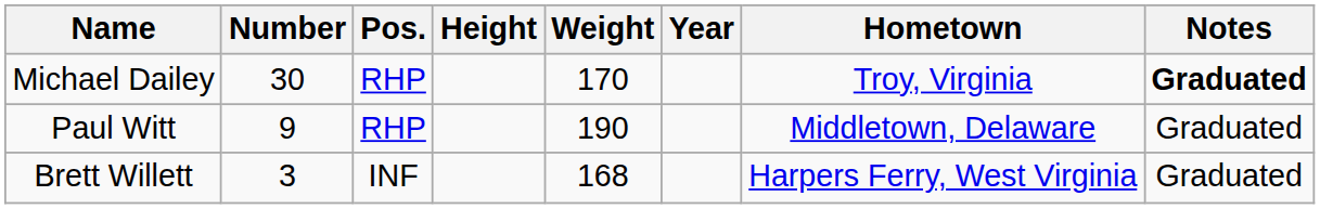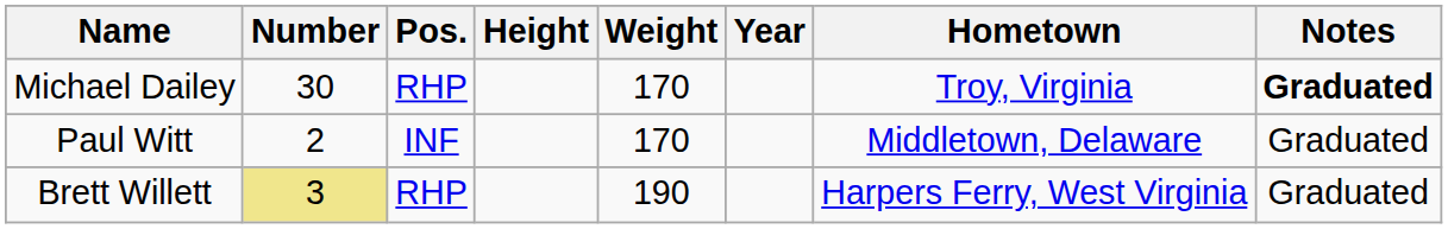 <table class="wikitable sortable sortable" style="text-align: center">
 <tr align=center>
 <th>Name</th>
 <th>Number</th>
 <th>Pos.</th>
 <th>Height</th>
 <th>Weight</th>
 <th>Year</th>
 <th>Hometown</th>
 <th>Notes</th>
 </tr>
 <tr>
 <td>Michael Dailey</td>
 <td>30</td>
 <td><a href='#'>RHP</a></td>
 <td></td>
 <td>170</td>
 <td></td>
 <td><a href='#'>Troy, Virginia</a></td>
 <td><strong>Graduated</strong></td>
 </tr>
 <tr>
 <td>Paul Witt</td>
-<td>9</td>
-<td><a href='#'>RHP</a></td>
+<td>2</td>
+<td><a href='#'>INF</a></td>
 <td></td>
-<td>190</td>
+<td>170</td>
 <td></td>
 <td><a href='#'>Middletown, Delaware</a></td>
 <td>Graduated</td>
 </tr>
 <tr>
 <td>Brett Willett</td>
-<td>3</td>
-<td>INF</td>
+<td style="background: khaki;">3</td>
+<td><a href='#'>RHP</a></td>
 <td></td>
-<td>168</td>
+<td>190</td>
 <td></td>
 <td><a href='#'>Harpers Ferry, West Virginia</a></td>
 <td>Graduated</td>
 </tr>
 </table>
